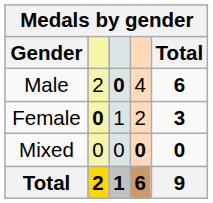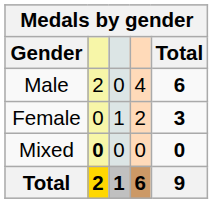 <table class=wikitable style=font-size:85%;float:right;text-align:center>
 <tr>
 <th colspan=5>Medals by gender</th>
 </tr>
 <tr>
 <th>Gender</th>
 <td bgcolor=F7F6A8></td>
 <td bgcolor=DCE5E5></td>
 <td bgcolor=FFDAB9></td>
 <th>Total</th>
 </tr>
 <tr>
 <td>Male</td>
 <td bgcolor=F7F6A8>2</td>
-<td bgcolor=DCE5E5><strong>0</strong></td>
+<td bgcolor=DCE5E5>0</td>
 <td bgcolor=FFDAB9>4</td>
 <td><strong>6</strong></td>
 </tr>
 <tr>
 <td>Female</td>
-<td bgcolor=F7F6A8><strong>0</strong></td>
+<td bgcolor=F7F6A8>0</td>
 <td bgcolor=DCE5E5>1</td>
 <td bgcolor=FFDAB9>2</td>
 <td><strong>3</strong></td>
 </tr>
 <tr>
 <td>Mixed</td>
-<td bgcolor=F7F6A8>0</td>
+<td bgcolor=F7F6A8><strong>0</strong></td>
 <td bgcolor=DCE5E5>0</td>
-<td bgcolor=FFDAB9><strong>0</strong></td>
+<td bgcolor=FFDAB9>0</td>
 <td><strong>0</strong></td>
 </tr>
 <tr>
 <th>Total</th>
 <th style=background:gold>2</th>
 <th style=background:silver>1</th>
 <th style=background:#c96>6</th>
 <th>9</th>
 </tr>
 </table>
